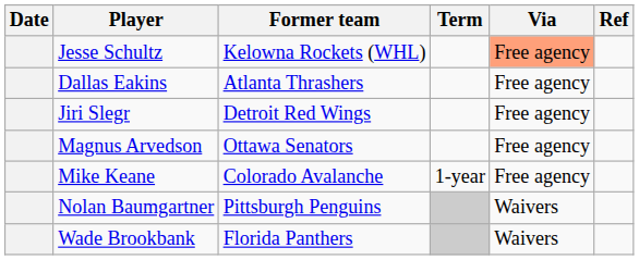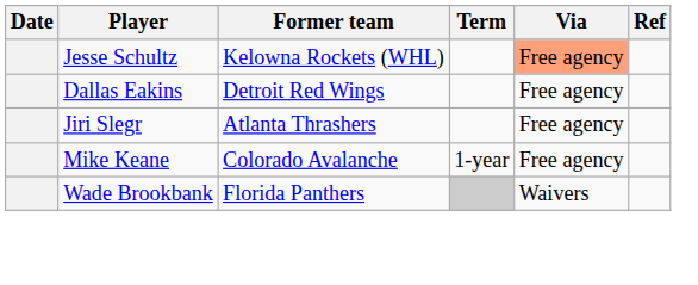 <table class=" wikitable plainrowheaders">
 <tr style="background:#ddd; text-align:center;">
 <th>Date</th>
 <th>Player</th>
 <th>Former team</th>
 <th>Term</th>
 <th>Via</th>
 <th>Ref</th>
 </tr>
 <tr>
 <th scope="row"></th>
 <td><a href='#'>Jesse Schultz</a></td>
 <td><a href='#'>Kelowna Rockets</a> (<a href='#'>WHL</a>)</td>
 <td></td>
 <td style="background: lightsalmon;">Free agency</td>
 <td></td>
 </tr>
 <tr>
 <th scope="row"></th>
 <td><a href='#'>Dallas Eakins</a></td>
-<td><a href='#'>Atlanta Thrashers</a></td>
+<td><a href='#'>Detroit Red Wings</a></td>
 <td></td>
 <td>Free agency</td>
 <td></td>
 </tr>
 <tr>
 <th scope="row"></th>
 <td><a href='#'>Jiri Slegr</a></td>
-<td><a href='#'>Detroit Red Wings</a></td>
-<td></td>
-<td>Free agency</td>
-<td></td>
-</tr>
-<tr>
-<th scope="row"></th>
-<td><a href='#'>Magnus Arvedson</a></td>
-<td><a href='#'>Ottawa Senators</a></td>
+<td><a href='#'>Atlanta Thrashers</a></td>
 <td></td>
 <td>Free agency</td>
 <td></td>
 </tr>
 <tr>
 <th scope="row"></th>
 <td><a href='#'>Mike Keane</a></td>
 <td><a href='#'>Colorado Avalanche</a></td>
 <td>1-year</td>
 <td>Free agency</td>
 <td></td>
 </tr>
 <tr>
 <th scope="row"></th>
-<td><a href='#'>Nolan Baumgartner</a></td>
-<td><a href='#'>Pittsburgh Penguins</a></td>
-<td style="background:#ccc"></td>
-<td>Waivers</td>
-<td></td>
-</tr>
-<tr>
-<th scope="row"></th>
 <td><a href='#'>Wade Brookbank</a></td>
 <td><a href='#'>Florida Panthers</a></td>
 <td style="background:#ccc"></td>
 <td>Waivers</td>
 <td></td>
 </tr>
 </table>
